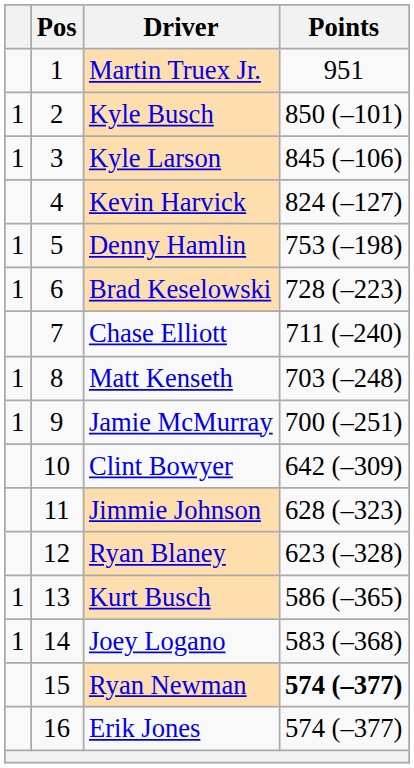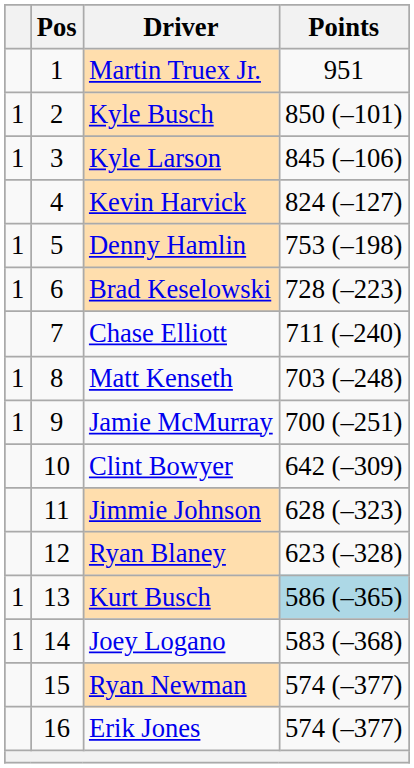 <table class="wikitable" style="font-size: 95%">
 <tr>
 <th></th>
 <th>Pos</th>
 <th>Driver</th>
 <th>Points</th>
 </tr>
 <tr>
 <td align="left"></td>
 <td style="text-align:center;">1</td>
 <td style="background:#FFDEAD;"><a href='#'>Martin Truex Jr.</a></td>
 <td style="text-align:center;">951</td>
 </tr>
 <tr>
 <td align="left"> 1</td>
 <td style="text-align:center;">2</td>
 <td style="background:#FFDEAD;"><a href='#'>Kyle Busch</a></td>
 <td style="text-align:center;">850 (–101)</td>
 </tr>
 <tr>
 <td align="left"> 1</td>
 <td style="text-align:center;">3</td>
 <td style="background:#FFDEAD;"><a href='#'>Kyle Larson</a></td>
 <td style="text-align:center;">845 (–106)</td>
 </tr>
 <tr>
 <td align="left"></td>
 <td style="text-align:center;">4</td>
 <td style="background:#FFDEAD;"><a href='#'>Kevin Harvick</a></td>
 <td style="text-align:center;">824 (–127)</td>
 </tr>
 <tr>
 <td align="left"> 1</td>
 <td style="text-align:center;">5</td>
 <td style="background:#FFDEAD;"><a href='#'>Denny Hamlin</a></td>
 <td style="text-align:center;">753 (–198)</td>
 </tr>
 <tr>
 <td align="left"> 1</td>
 <td style="text-align:center;">6</td>
 <td style="background:#FFDEAD;"><a href='#'>Brad Keselowski</a></td>
 <td style="text-align:center;">728 (–223)</td>
 </tr>
 <tr>
 <td align="left"></td>
 <td style="text-align:center;">7</td>
 <td><a href='#'>Chase Elliott</a></td>
 <td style="text-align:center;">711 (–240)</td>
 </tr>
 <tr>
 <td align="left"> 1</td>
 <td style="text-align:center;">8</td>
 <td><a href='#'>Matt Kenseth</a></td>
 <td style="text-align:center;">703 (–248)</td>
 </tr>
 <tr>
 <td align="left"> 1</td>
 <td style="text-align:center;">9</td>
 <td><a href='#'>Jamie McMurray</a></td>
 <td style="text-align:center;">700 (–251)</td>
 </tr>
 <tr>
 <td align="left"></td>
 <td style="text-align:center;">10</td>
 <td><a href='#'>Clint Bowyer</a></td>
 <td style="text-align:center;">642 (–309)</td>
 </tr>
 <tr>
 <td align="left"></td>
 <td style="text-align:center;">11</td>
 <td style="background:#FFDEAD;"><a href='#'>Jimmie Johnson</a></td>
 <td style="text-align:center;">628 (–323)</td>
 </tr>
 <tr>
 <td align="left"></td>
 <td style="text-align:center;">12</td>
 <td style="background:#FFDEAD;"><a href='#'>Ryan Blaney</a></td>
 <td style="text-align:center;">623 (–328)</td>
 </tr>
 <tr>
 <td align="left"> 1</td>
 <td style="text-align:center;">13</td>
 <td style="background:#FFDEAD;"><a href='#'>Kurt Busch</a></td>
-<td style="text-align:center;">586 (–365)</td>
+<td style="background: lightblue; text-align:center;">586 (–365)</td>
 </tr>
 <tr>
 <td align="left"> 1</td>
 <td style="text-align:center;">14</td>
 <td><a href='#'>Joey Logano</a></td>
 <td style="text-align:center;">583 (–368)</td>
 </tr>
 <tr>
 <td align="left"></td>
 <td style="text-align:center;">15</td>
 <td style="background:#FFDEAD;"><a href='#'>Ryan Newman</a></td>
-<td style="text-align:center;"><strong>574 (–377)</strong></td>
+<td style="text-align:center;">574 (–377)</td>
 </tr>
 <tr>
 <td align="left"></td>
 <td style="text-align:center;">16</td>
 <td><a href='#'>Erik Jones</a></td>
 <td style="text-align:center;">574 (–377)</td>
 </tr>
 <tr class="sortbottom">
 <th colspan="9"></th>
 </tr>
 </table>
